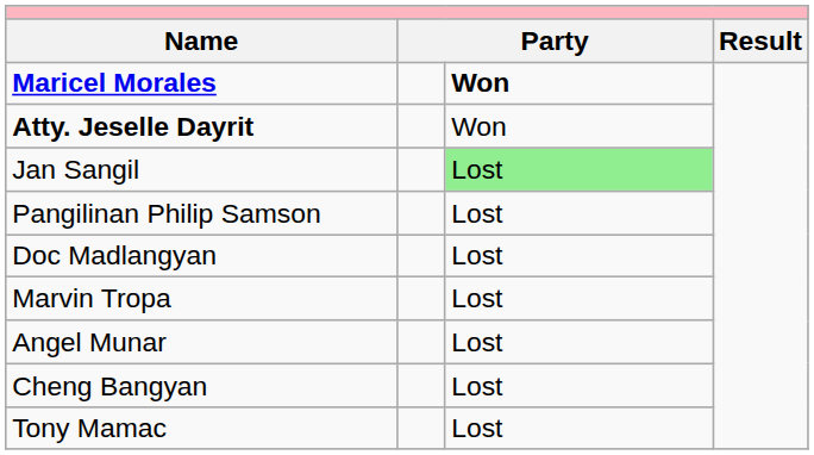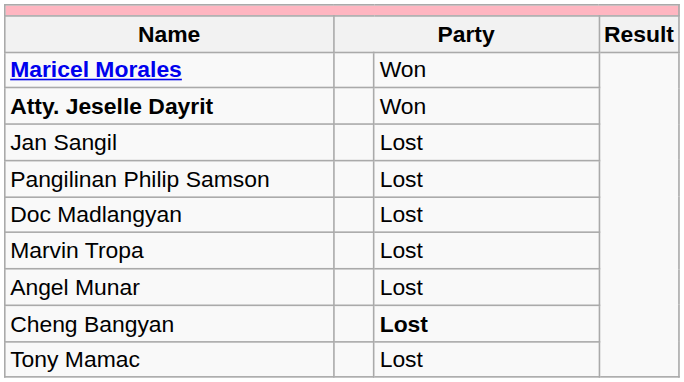 <table class="wikitable" style="font-size:90%">
 <tr>
 <td colspan="4" bgcolor="FFB6C1"></td>
 </tr>
 <tr>
 <th width="200px">Name</th>
 <th colspan="2" width="160px">Party</th>
 <th>Result</th>
 </tr>
 <tr>
 <td><strong><a href='#'>Maricel Morales</a></strong></td>
 <td></td>
-<td><strong>Won</strong></td>
+<td>Won</td>
 </tr>
 <tr>
 <td><strong>Atty. Jeselle Dayrit</strong></td>
 <td></td>
 <td>Won</td>
 </tr>
 <tr>
 <td>Jan Sangil</td>
 <td></td>
-<td style="background: lightgreen;">Lost</td>
+<td>Lost</td>
 </tr>
 <tr>
 <td>Pangilinan Philip Samson</td>
 <td></td>
 <td>Lost</td>
 </tr>
 <tr>
 <td>Doc Madlangyan</td>
 <td></td>
 <td>Lost</td>
 </tr>
 <tr>
 <td>Marvin Tropa</td>
 <td></td>
 <td>Lost</td>
 </tr>
 <tr>
 <td>Angel Munar</td>
 <td></td>
 <td>Lost</td>
 </tr>
 <tr>
 <td>Cheng Bangyan</td>
 <td></td>
-<td>Lost</td>
+<td><strong>Lost</strong></td>
 </tr>
 <tr>
 <td>Tony Mamac</td>
 <td></td>
 <td>Lost</td>
 </tr>
 </table>
